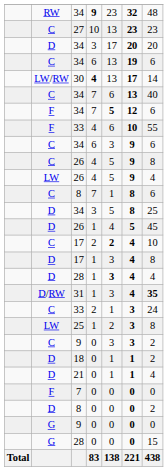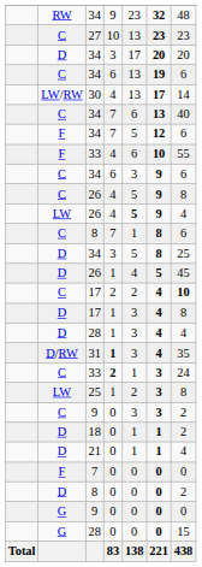 <table class="wikitable sortable">
 <tr align="center">
 </tr>
 <tr align="center" bgcolor="">
 <td></td>
 <td><a href='#'>RW</a></td>
 <td>34</td>
-<td><strong>9</strong></td>
+<td>9</td>
 <td>23</td>
 <td><strong>32</strong></td>
 <td>48</td>
 </tr>
 <tr align="center" bgcolor="f0f0f0">
 <td></td>
 <td><a href='#'>C</a></td>
 <td>27</td>
 <td>10</td>
 <td>13</td>
 <td><strong>23</strong></td>
 <td>23</td>
 </tr>
 <tr align="center" bgcolor="">
 <td></td>
 <td><a href='#'>D</a></td>
 <td>34</td>
 <td>3</td>
 <td>17</td>
 <td><strong>20</strong></td>
 <td>20</td>
 </tr>
 <tr align="center" bgcolor="f0f0f0">
 <td></td>
 <td><a href='#'>C</a></td>
 <td>34</td>
 <td>6</td>
 <td>13</td>
 <td><strong>19</strong></td>
 <td>6</td>
 </tr>
 <tr align="center" bgcolor="">
 <td></td>
 <td><a href='#'>LW</a>/<a href='#'>RW</a></td>
 <td>30</td>
-<td><strong>4</strong></td>
+<td>4</td>
 <td>13</td>
 <td><strong>17</strong></td>
 <td>14</td>
 </tr>
 <tr align="center" bgcolor="f0f0f0">
 <td></td>
 <td><a href='#'>C</a></td>
 <td>34</td>
 <td>7</td>
 <td>6</td>
 <td><strong>13</strong></td>
 <td>40</td>
 </tr>
 <tr align="center" bgcolor="">
 <td></td>
 <td><a href='#'>F</a></td>
 <td>34</td>
 <td>7</td>
-<td><strong>5</strong></td>
+<td>5</td>
 <td><strong>12</strong></td>
 <td>6</td>
 </tr>
 <tr align="center" bgcolor="f0f0f0">
 <td></td>
 <td><a href='#'>F</a></td>
 <td>33</td>
 <td>4</td>
 <td>6</td>
 <td><strong>10</strong></td>
 <td>55</td>
 </tr>
 <tr align="center" bgcolor="">
 <td></td>
 <td><a href='#'>C</a></td>
 <td>34</td>
 <td>6</td>
 <td>3</td>
 <td><strong>9</strong></td>
 <td>6</td>
 </tr>
 <tr align="center" bgcolor="f0f0f0">
 <td></td>
 <td><a href='#'>C</a></td>
 <td>26</td>
 <td>4</td>
 <td>5</td>
 <td><strong>9</strong></td>
 <td>8</td>
 </tr>
 <tr align="center" bgcolor="">
 <td></td>
 <td><a href='#'>LW</a></td>
 <td>26</td>
 <td>4</td>
-<td>5</td>
+<td><strong>5</strong></td>
 <td><strong>9</strong></td>
 <td>4</td>
 </tr>
 <tr align="center" bgcolor="f0f0f0">
 <td></td>
 <td><a href='#'>C</a></td>
 <td>8</td>
 <td>7</td>
 <td>1</td>
 <td><strong>8</strong></td>
 <td>6</td>
 </tr>
 <tr align="center" bgcolor="">
 <td></td>
 <td><a href='#'>D</a></td>
 <td>34</td>
 <td>3</td>
 <td>5</td>
 <td><strong>8</strong></td>
 <td>25</td>
 </tr>
 <tr align="center" bgcolor="f0f0f0">
 <td></td>
 <td><a href='#'>D</a></td>
 <td>26</td>
 <td>1</td>
 <td>4</td>
 <td><strong>5</strong></td>
 <td>45</td>
 </tr>
 <tr align="center" bgcolor="">
 <td></td>
 <td><a href='#'>C</a></td>
 <td>17</td>
 <td>2</td>
-<td><strong>2</strong></td>
+<td>2</td>
 <td><strong>4</strong></td>
-<td>10</td>
+<td><strong>10</strong></td>
 </tr>
 <tr align="center" bgcolor="f0f0f0">
 <td></td>
 <td><a href='#'>D</a></td>
 <td>17</td>
 <td>1</td>
 <td>3</td>
 <td><strong>4</strong></td>
 <td>8</td>
 </tr>
 <tr align="center" bgcolor="">
 <td></td>
 <td><a href='#'>D</a></td>
 <td>28</td>
 <td>1</td>
-<td><strong>3</strong></td>
+<td>3</td>
 <td><strong>4</strong></td>
 <td>4</td>
 </tr>
 <tr align="center" bgcolor="f0f0f0">
 <td></td>
 <td><a href='#'>D</a>/<a href='#'>RW</a></td>
 <td>31</td>
-<td>1</td>
+<td><strong>1</strong></td>
 <td>3</td>
 <td><strong>4</strong></td>
-<td><strong>35</strong></td>
+<td>35</td>
 </tr>
 <tr align="center" bgcolor="">
 <td></td>
 <td><a href='#'>C</a></td>
 <td>33</td>
-<td>2</td>
+<td><strong>2</strong></td>
 <td>1</td>
 <td><strong>3</strong></td>
 <td>24</td>
 </tr>
 <tr align="center" bgcolor="f0f0f0">
 <td></td>
 <td><a href='#'>LW</a></td>
 <td>25</td>
 <td>1</td>
 <td>2</td>
 <td><strong>3</strong></td>
 <td>8</td>
 </tr>
 <tr align="center" bgcolor="">
 <td></td>
 <td><a href='#'>C</a></td>
 <td>9</td>
 <td>0</td>
 <td>3</td>
 <td><strong>3</strong></td>
 <td>2</td>
 </tr>
 <tr align="center" bgcolor="f0f0f0">
 <td></td>
 <td><a href='#'>D</a></td>
 <td>18</td>
 <td>0</td>
 <td>1</td>
 <td><strong>1</strong></td>
 <td>2</td>
 </tr>
 <tr align="center" bgcolor="">
 <td></td>
 <td><a href='#'>D</a></td>
 <td>21</td>
 <td>0</td>
 <td>1</td>
 <td><strong>1</strong></td>
 <td>4</td>
 </tr>
 <tr align="center" bgcolor="f0f0f0">
 <td></td>
 <td><a href='#'>F</a></td>
 <td>7</td>
 <td>0</td>
 <td>0</td>
 <td><strong>0</strong></td>
 <td>0</td>
 </tr>
 <tr align="center" bgcolor="">
 <td></td>
 <td><a href='#'>D</a></td>
 <td>8</td>
 <td>0</td>
 <td>0</td>
 <td><strong>0</strong></td>
 <td>2</td>
 </tr>
 <tr align="center" bgcolor="f0f0f0">
 <td></td>
 <td><a href='#'>G</a></td>
 <td>9</td>
 <td>0</td>
 <td>0</td>
 <td><strong>0</strong></td>
 <td>0</td>
 </tr>
 <tr align="center" bgcolor="">
 <td></td>
 <td><a href='#'>G</a></td>
 <td>28</td>
 <td>0</td>
 <td>0</td>
 <td><strong>0</strong></td>
 <td>15</td>
 </tr>
 <tr>
 <th>Total</th>
 <th></th>
 <th></th>
 <th>83</th>
 <th>138</th>
 <th>221</th>
 <th>438</th>
 </tr>
 </table>
